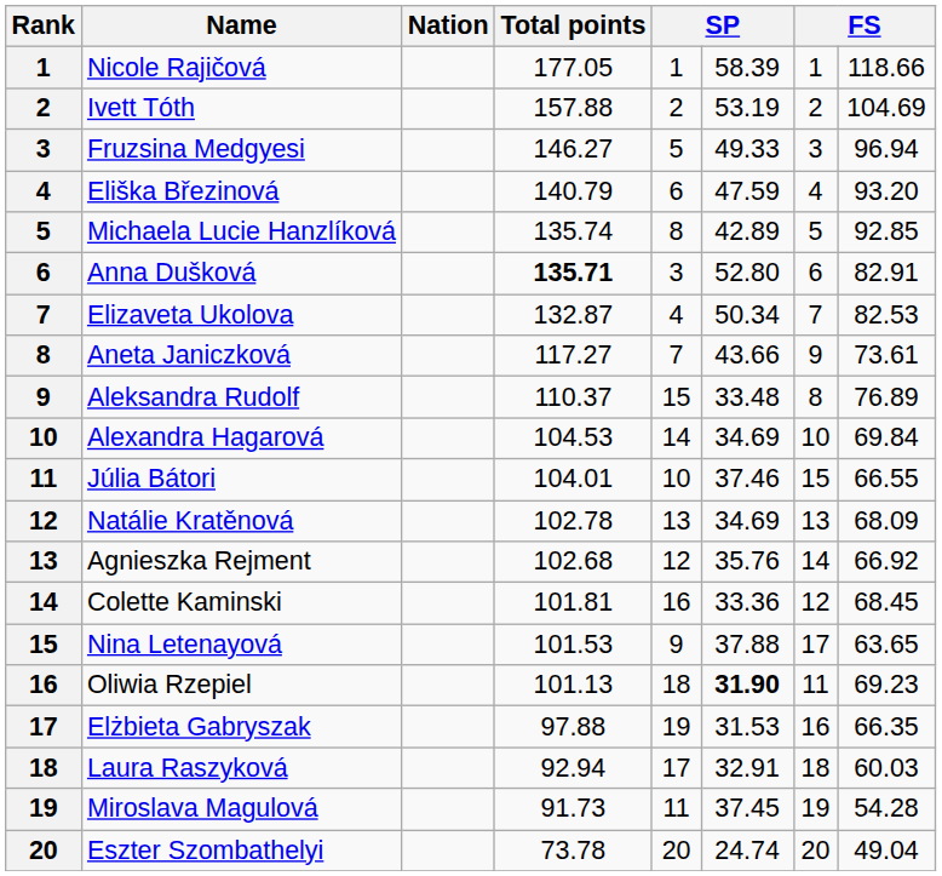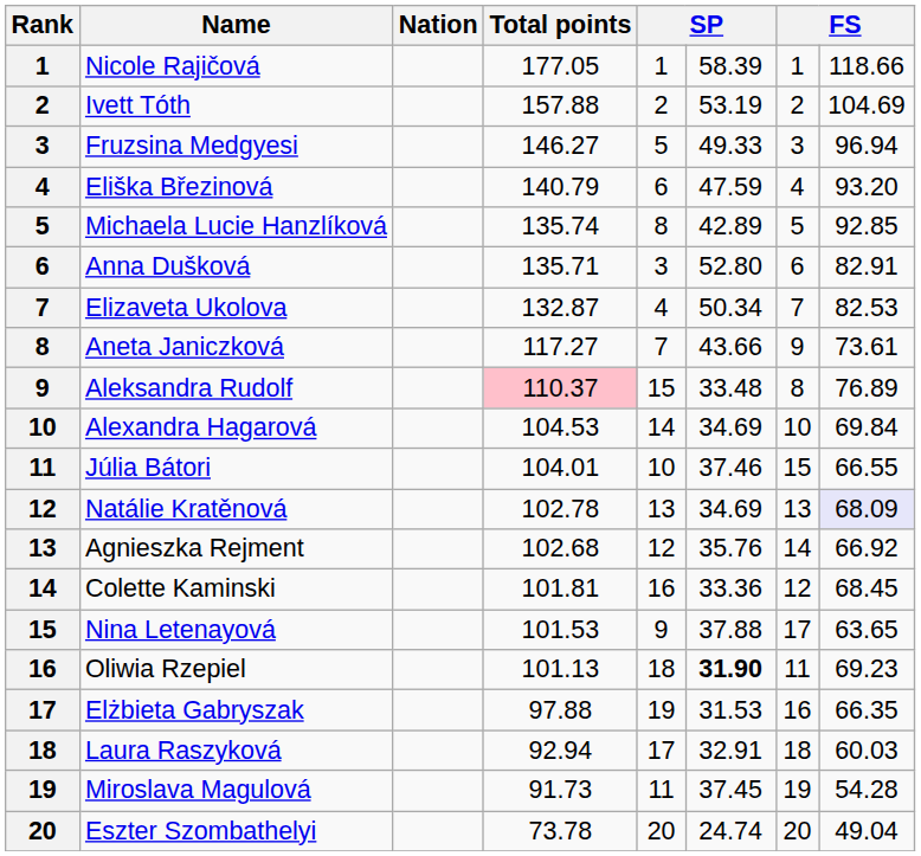 <table class="wikitable sortable">
 <tr>
 <th>Rank</th>
 <th>Name</th>
 <th>Nation</th>
 <th>Total points</th>
 <th colspan=2 width=80px><a href='#'>SP</a></th>
 <th colspan=2 width=80px><a href='#'>FS</a></th>
 </tr>
 <tr>
 <th>1</th>
 <td><a href='#'>Nicole Rajičová</a></td>
 <td></td>
 <td align=center>177.05</td>
 <td align=center>1</td>
 <td align=center>58.39</td>
 <td align=center>1</td>
 <td align=center>118.66</td>
 </tr>
 <tr>
 <th>2</th>
 <td><a href='#'>Ivett Tóth</a></td>
 <td></td>
 <td align=center>157.88</td>
 <td align=center>2</td>
 <td align=center>53.19</td>
 <td align=center>2</td>
 <td align=center>104.69</td>
 </tr>
 <tr>
 <th>3</th>
 <td><a href='#'>Fruzsina Medgyesi</a></td>
 <td></td>
 <td align=center>146.27</td>
 <td align=center>5</td>
 <td align=center>49.33</td>
 <td align=center>3</td>
 <td align=center>96.94</td>
 </tr>
 <tr>
 <th>4</th>
 <td><a href='#'>Eliška Březinová</a></td>
 <td></td>
 <td align=center>140.79</td>
 <td align=center>6</td>
 <td align=center>47.59</td>
 <td align=center>4</td>
 <td align=center>93.20</td>
 </tr>
 <tr>
 <th>5</th>
 <td><a href='#'>Michaela Lucie Hanzlíková</a></td>
 <td></td>
 <td align=center>135.74</td>
 <td align=center>8</td>
 <td align=center>42.89</td>
 <td align=center>5</td>
 <td align=center>92.85</td>
 </tr>
 <tr>
 <th>6</th>
 <td><a href='#'>Anna Dušková</a></td>
 <td></td>
-<td align=center><strong>135.71</strong></td>
+<td align=center>135.71</td>
 <td align=center>3</td>
 <td align=center>52.80</td>
 <td align=center>6</td>
 <td align=center>82.91</td>
 </tr>
 <tr>
 <th>7</th>
 <td><a href='#'>Elizaveta Ukolova</a></td>
 <td></td>
 <td align=center>132.87</td>
 <td align=center>4</td>
 <td align=center>50.34</td>
 <td align=center>7</td>
 <td align=center>82.53</td>
 </tr>
 <tr>
 <th>8</th>
 <td><a href='#'>Aneta Janiczková</a></td>
 <td></td>
 <td align=center>117.27</td>
 <td align=center>7</td>
 <td align=center>43.66</td>
 <td align=center>9</td>
 <td align=center>73.61</td>
 </tr>
 <tr>
 <th>9</th>
 <td><a href='#'>Aleksandra Rudolf</a></td>
 <td></td>
-<td align=center>110.37</td>
+<td align=center style="background: pink;">110.37</td>
 <td align=center>15</td>
 <td align=center>33.48</td>
 <td align=center>8</td>
 <td align=center>76.89</td>
 </tr>
 <tr>
 <th>10</th>
 <td><a href='#'>Alexandra Hagarová</a></td>
 <td></td>
 <td align=center>104.53</td>
 <td align=center>14</td>
 <td align=center>34.69</td>
 <td align=center>10</td>
 <td align=center>69.84</td>
 </tr>
 <tr>
 <th>11</th>
 <td><a href='#'>Júlia Bátori</a></td>
 <td></td>
 <td align=center>104.01</td>
 <td align=center>10</td>
 <td align=center>37.46</td>
 <td align=center>15</td>
 <td align=center>66.55</td>
 </tr>
 <tr>
 <th>12</th>
 <td><a href='#'>Natálie Kratěnová</a></td>
 <td></td>
 <td align=center>102.78</td>
 <td align=center>13</td>
 <td align=center>34.69</td>
 <td align=center>13</td>
-<td align=center>68.09</td>
+<td align=center style="background: lavender;">68.09</td>
 </tr>
 <tr>
 <th>13</th>
 <td>Agnieszka Rejment</td>
 <td></td>
 <td align=center>102.68</td>
 <td align=center>12</td>
 <td align=center>35.76</td>
 <td align=center>14</td>
 <td align=center>66.92</td>
 </tr>
 <tr>
 <th>14</th>
 <td>Colette Kaminski</td>
 <td></td>
 <td align=center>101.81</td>
 <td align=center>16</td>
 <td align=center>33.36</td>
 <td align=center>12</td>
 <td align=center>68.45</td>
 </tr>
 <tr>
 <th>15</th>
 <td><a href='#'>Nina Letenayová</a></td>
 <td></td>
 <td align=center>101.53</td>
 <td align=center>9</td>
 <td align=center>37.88</td>
 <td align=center>17</td>
 <td align=center>63.65</td>
 </tr>
 <tr>
 <th>16</th>
 <td>Oliwia Rzepiel</td>
 <td></td>
 <td align=center>101.13</td>
 <td align=center>18</td>
 <td align=center><strong>31.90</strong></td>
 <td align=center>11</td>
 <td align=center>69.23</td>
 </tr>
 <tr>
 <th>17</th>
 <td><a href='#'>Elżbieta Gabryszak</a></td>
 <td></td>
 <td align=center>97.88</td>
 <td align=center>19</td>
 <td align=center>31.53</td>
 <td align=center>16</td>
 <td align=center>66.35</td>
 </tr>
 <tr>
 <th>18</th>
 <td><a href='#'>Laura Raszyková</a></td>
 <td></td>
 <td align=center>92.94</td>
 <td align=center>17</td>
 <td align=center>32.91</td>
 <td align=center>18</td>
 <td align=center>60.03</td>
 </tr>
 <tr>
 <th>19</th>
 <td><a href='#'>Miroslava Magulová</a></td>
 <td></td>
 <td align=center>91.73</td>
 <td align=center>11</td>
 <td align=center>37.45</td>
 <td align=center>19</td>
 <td align=center>54.28</td>
 </tr>
 <tr>
 <th>20</th>
 <td><a href='#'>Eszter Szombathelyi</a></td>
 <td></td>
 <td align=center>73.78</td>
 <td align=center>20</td>
 <td align=center>24.74</td>
 <td align=center>20</td>
 <td align=center>49.04</td>
 </tr>
 </table>
